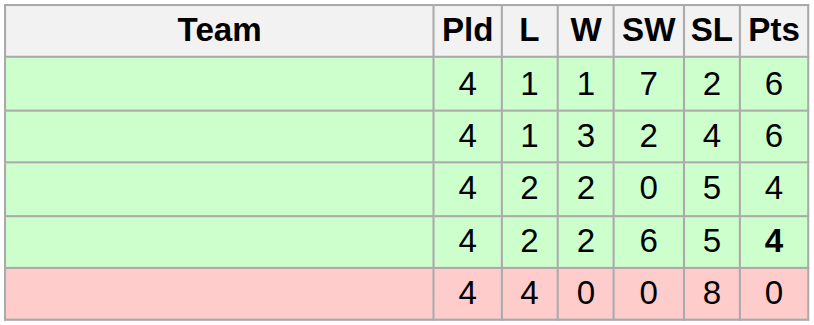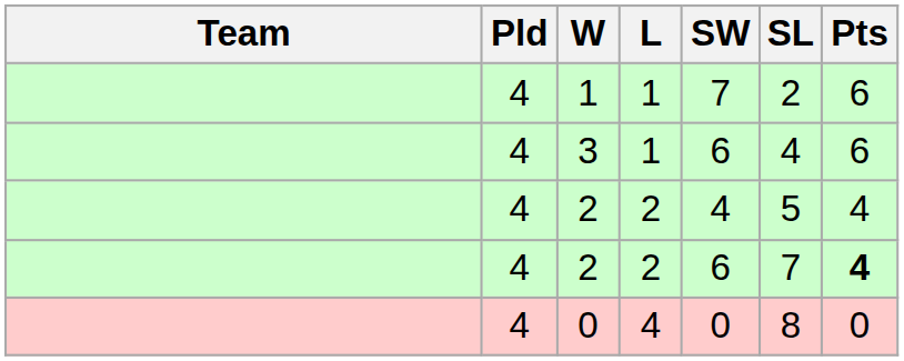 <table class=wikitable style="text-align:center">
 <tr>
 <th width=200>Team</th>
 <th width=20>Pld</th>
+<th width=20>W</th>
 <th width=20>L</th>
-<th width=20>W</th>
 <th width=20>SW</th>
 <th width=20>SL</th>
 <th width=20>Pts</th>
 </tr>
 <tr bgcolor=#ccffcc>
 <td align=left></td>
 <td>4</td>
 <td>1</td>
 <td>1</td>
 <td>7</td>
 <td>2</td>
 <td>6</td>
 </tr>
 <tr bgcolor=#ccffcc>
 <td align=left></td>
 <td>4</td>
+<td>3</td>
 <td>1</td>
-<td>3</td>
-<td>2</td>
+<td>6</td>
 <td>4</td>
 <td>6</td>
 </tr>
 <tr bgcolor=#ccffcc>
 <td align=left></td>
 <td>4</td>
 <td>2</td>
 <td>2</td>
-<td>0</td>
+<td>4</td>
 <td>5</td>
 <td>4</td>
 </tr>
 <tr bgcolor=#ccffcc>
 <td align=left></td>
 <td>4</td>
 <td>2</td>
 <td>2</td>
 <td>6</td>
-<td>5</td>
+<td>7</td>
 <td><strong>4</strong></td>
 </tr>
 <tr bgcolor=#ffcccc>
 <td align=left></td>
 <td>4</td>
+<td>0</td>
 <td>4</td>
-<td>0</td>
 <td>0</td>
 <td>8</td>
 <td>0</td>
 </tr>
 </table>
